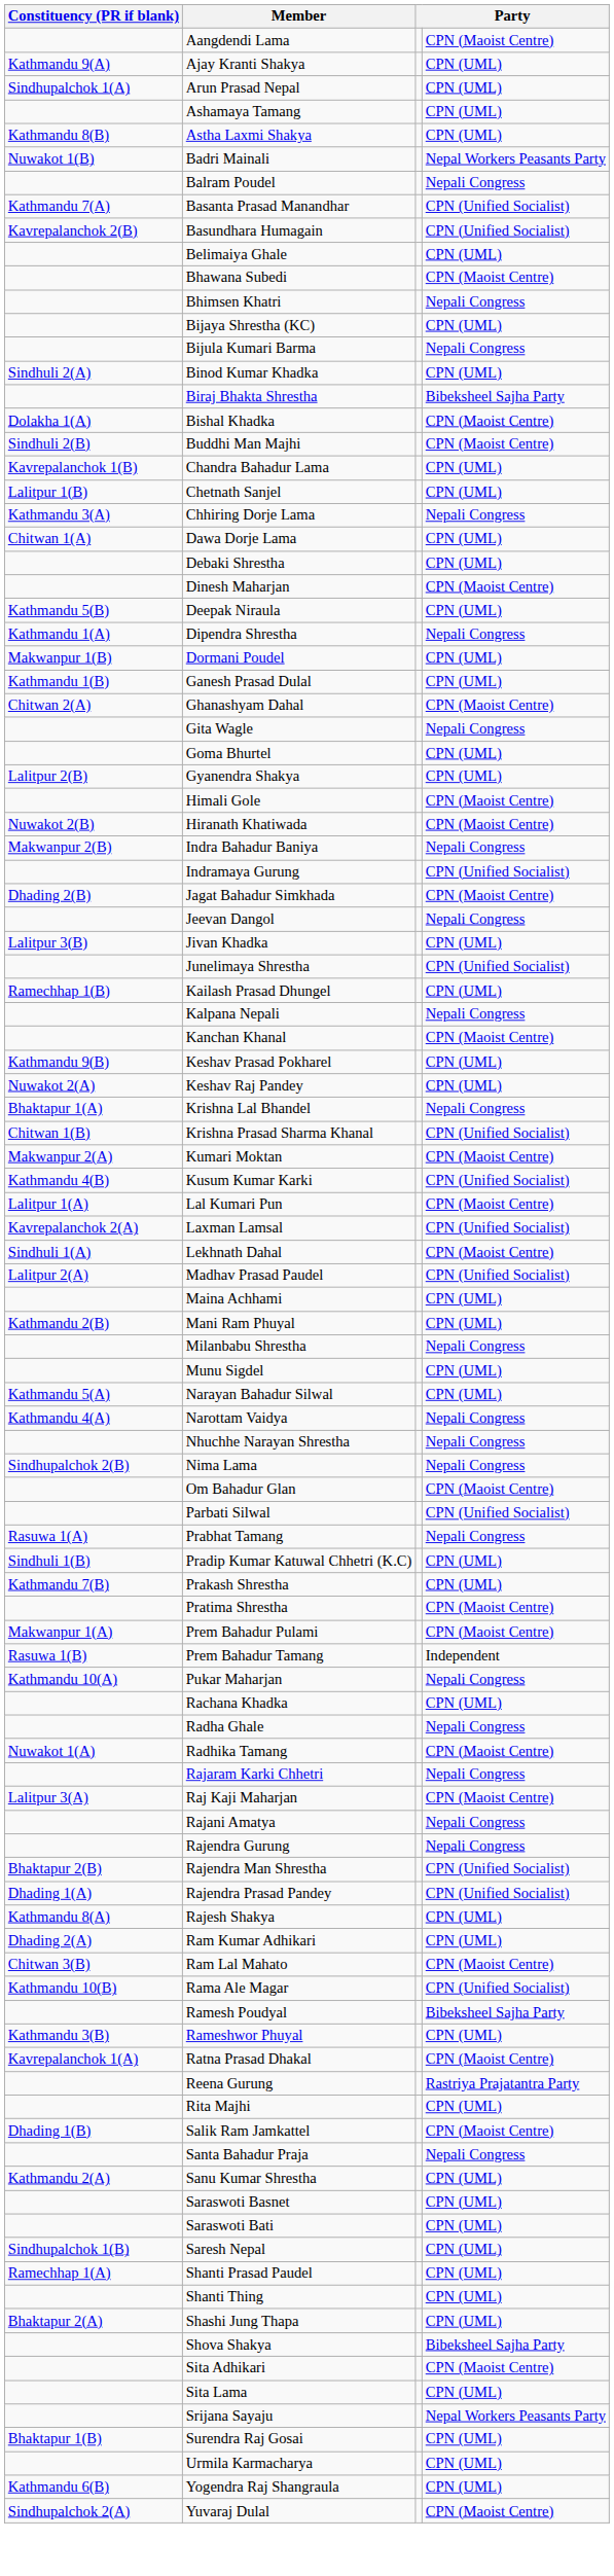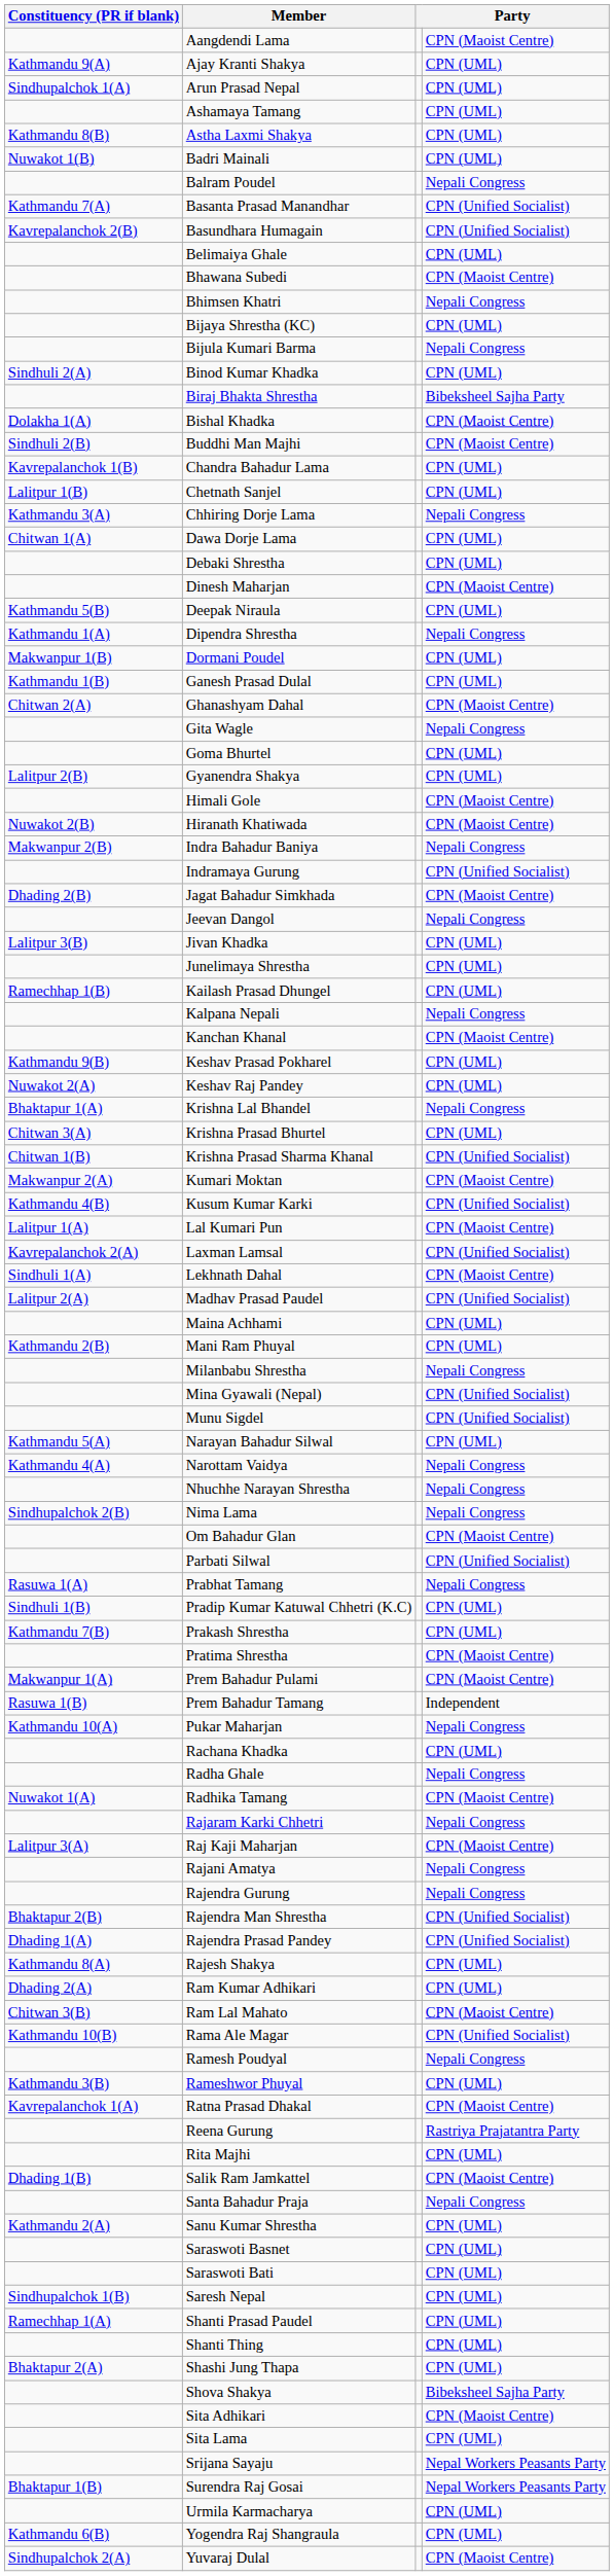 <table class="wikitable sortable">
 <tr>
 <th><a href='#'>Constituency (PR if blank)</a></th>
 <th>Member</th>
 <th colspan="2">Party</th>
 </tr>
 <tr>
 <td></td>
 <td>Aangdendi Lama</td>
 <td></td>
 <td><a href='#'>CPN (Maoist Centre)</a></td>
 </tr>
 <tr>
 <td><a href='#'>Kathmandu 9(A)</a></td>
 <td>Ajay Kranti Shakya</td>
 <td></td>
 <td><a href='#'>CPN (UML)</a></td>
 </tr>
 <tr>
 <td><a href='#'>Sindhupalchok 1(A)</a></td>
 <td>Arun Prasad Nepal</td>
 <td></td>
 <td><a href='#'>CPN (UML)</a></td>
 </tr>
 <tr>
 <td></td>
 <td>Ashamaya Tamang</td>
 <td></td>
 <td><a href='#'>CPN (UML)</a></td>
 </tr>
 <tr>
 <td><a href='#'>Kathmandu 8(B)</a></td>
 <td><a href='#'>Astha Laxmi Shakya</a></td>
 <td></td>
 <td><a href='#'>CPN (UML)</a></td>
 </tr>
 <tr>
 <td><a href='#'>Nuwakot 1(B)</a></td>
 <td>Badri Mainali</td>
 <td></td>
-<td><a href='#'>Nepal Workers Peasants Party</a></td>
+<td><a href='#'>CPN (UML)</a></td>
 </tr>
 <tr>
 <td></td>
 <td>Balram Poudel</td>
 <td></td>
 <td><a href='#'>Nepali Congress</a></td>
 </tr>
 <tr>
 <td><a href='#'>Kathmandu 7(A)</a></td>
 <td>Basanta Prasad Manandhar</td>
 <td></td>
 <td><a href='#'>CPN (Unified Socialist)</a></td>
 </tr>
 <tr>
 <td><a href='#'>Kavrepalanchok 2(B)</a></td>
 <td>Basundhara Humagain</td>
 <td></td>
 <td><a href='#'>CPN (Unified Socialist)</a></td>
 </tr>
 <tr>
 <td></td>
 <td>Belimaiya Ghale</td>
 <td></td>
 <td><a href='#'>CPN (UML)</a></td>
 </tr>
 <tr>
 <td></td>
 <td>Bhawana Subedi</td>
 <td></td>
 <td><a href='#'>CPN (Maoist Centre)</a></td>
 </tr>
 <tr>
 <td></td>
 <td>Bhimsen Khatri</td>
 <td></td>
 <td><a href='#'>Nepali Congress</a></td>
 </tr>
 <tr>
 <td></td>
 <td>Bijaya Shrestha (KC)</td>
 <td></td>
 <td><a href='#'>CPN (UML)</a></td>
 </tr>
 <tr>
 <td></td>
 <td>Bijula Kumari Barma</td>
 <td></td>
 <td><a href='#'>Nepali Congress</a></td>
 </tr>
 <tr>
 <td><a href='#'>Sindhuli 2(A)</a></td>
 <td>Binod Kumar Khadka</td>
 <td></td>
 <td><a href='#'>CPN (UML)</a></td>
 </tr>
 <tr>
 <td></td>
 <td><a href='#'>Biraj Bhakta Shrestha</a></td>
 <td></td>
 <td><a href='#'>Bibeksheel Sajha Party</a></td>
 </tr>
 <tr>
 <td><a href='#'>Dolakha 1(A)</a></td>
 <td>Bishal Khadka</td>
 <td></td>
 <td><a href='#'>CPN (Maoist Centre)</a></td>
 </tr>
 <tr>
 <td><a href='#'>Sindhuli 2(B)</a></td>
 <td>Buddhi Man Majhi</td>
 <td></td>
 <td><a href='#'>CPN (Maoist Centre)</a></td>
 </tr>
 <tr>
 <td><a href='#'>Kavrepalanchok 1(B)</a></td>
 <td>Chandra Bahadur Lama</td>
 <td></td>
 <td><a href='#'>CPN (UML)</a></td>
 </tr>
 <tr>
 <td><a href='#'>Lalitpur 1(B)</a></td>
 <td>Chetnath Sanjel</td>
 <td></td>
 <td><a href='#'>CPN (UML)</a></td>
 </tr>
 <tr>
 <td><a href='#'>Kathmandu 3(A)</a></td>
 <td>Chhiring Dorje Lama</td>
 <td></td>
 <td><a href='#'>Nepali Congress</a></td>
 </tr>
 <tr>
 <td><a href='#'>Chitwan 1(A)</a></td>
 <td>Dawa Dorje Lama</td>
 <td></td>
 <td><a href='#'>CPN (UML)</a></td>
 </tr>
 <tr>
 <td></td>
 <td>Debaki Shrestha</td>
 <td></td>
 <td><a href='#'>CPN (UML)</a></td>
 </tr>
 <tr>
 <td></td>
 <td>Dinesh Maharjan</td>
 <td></td>
 <td><a href='#'>CPN (Maoist Centre)</a></td>
 </tr>
 <tr>
 <td><a href='#'>Kathmandu 5(B)</a></td>
 <td>Deepak Niraula</td>
 <td></td>
 <td><a href='#'>CPN (UML)</a></td>
 </tr>
 <tr>
 <td><a href='#'>Kathmandu 1(A)</a></td>
 <td>Dipendra Shrestha</td>
 <td></td>
 <td><a href='#'>Nepali Congress</a></td>
 </tr>
 <tr>
 <td><a href='#'>Makwanpur 1(B)</a></td>
 <td><a href='#'>Dormani Poudel</a></td>
 <td></td>
 <td><a href='#'>CPN (UML)</a></td>
 </tr>
 <tr>
 <td><a href='#'>Kathmandu 1(B)</a></td>
 <td>Ganesh Prasad Dulal</td>
 <td></td>
 <td><a href='#'>CPN (UML)</a></td>
 </tr>
 <tr>
 <td><a href='#'>Chitwan 2(A)</a></td>
 <td>Ghanashyam Dahal</td>
 <td></td>
 <td><a href='#'>CPN (Maoist Centre)</a></td>
 </tr>
 <tr>
 <td></td>
 <td>Gita Wagle</td>
 <td></td>
 <td><a href='#'>Nepali Congress</a></td>
 </tr>
 <tr>
 <td></td>
 <td>Goma Bhurtel</td>
 <td></td>
 <td><a href='#'>CPN (UML)</a></td>
 </tr>
 <tr>
 <td><a href='#'>Lalitpur 2(B)</a></td>
 <td>Gyanendra Shakya</td>
 <td></td>
 <td><a href='#'>CPN (UML)</a></td>
 </tr>
 <tr>
 <td></td>
 <td>Himali Gole</td>
 <td></td>
 <td><a href='#'>CPN (Maoist Centre)</a></td>
 </tr>
 <tr>
 <td><a href='#'>Nuwakot 2(B)</a></td>
 <td>Hiranath Khatiwada</td>
 <td></td>
 <td><a href='#'>CPN (Maoist Centre)</a></td>
 </tr>
 <tr>
 <td><a href='#'>Makwanpur 2(B)</a></td>
 <td>Indra Bahadur Baniya</td>
 <td></td>
 <td><a href='#'>Nepali Congress</a></td>
 </tr>
 <tr>
 <td></td>
 <td>Indramaya Gurung</td>
 <td></td>
 <td><a href='#'>CPN (Unified Socialist)</a></td>
 </tr>
 <tr>
 <td><a href='#'>Dhading 2(B)</a></td>
 <td>Jagat Bahadur Simkhada</td>
 <td></td>
 <td><a href='#'>CPN (Maoist Centre)</a></td>
 </tr>
 <tr>
 <td></td>
 <td>Jeevan Dangol</td>
 <td></td>
 <td><a href='#'>Nepali Congress</a></td>
 </tr>
 <tr>
 <td><a href='#'>Lalitpur 3(B)</a></td>
 <td>Jivan Khadka</td>
 <td></td>
 <td><a href='#'>CPN (UML)</a></td>
 </tr>
 <tr>
 <td></td>
 <td>Junelimaya Shrestha</td>
 <td></td>
-<td><a href='#'>CPN (Unified Socialist)</a></td>
+<td><a href='#'>CPN (UML)</a></td>
 </tr>
 <tr>
 <td><a href='#'>Ramechhap 1(B)</a></td>
 <td>Kailash Prasad Dhungel</td>
 <td></td>
 <td><a href='#'>CPN (UML)</a></td>
 </tr>
 <tr>
 <td></td>
 <td>Kalpana Nepali</td>
 <td></td>
 <td><a href='#'>Nepali Congress</a></td>
 </tr>
 <tr>
 <td></td>
 <td>Kanchan Khanal</td>
 <td></td>
 <td><a href='#'>CPN (Maoist Centre)</a></td>
 </tr>
 <tr>
 <td><a href='#'>Kathmandu 9(B)</a></td>
 <td>Keshav Prasad Pokharel</td>
 <td></td>
 <td><a href='#'>CPN (UML)</a></td>
 </tr>
 <tr>
 <td><a href='#'>Nuwakot 2(A)</a></td>
 <td>Keshav Raj Pandey</td>
 <td></td>
 <td><a href='#'>CPN (UML)</a></td>
 </tr>
 <tr>
 <td><a href='#'>Bhaktapur 1(A)</a></td>
 <td>Krishna Lal Bhandel</td>
 <td></td>
 <td><a href='#'>Nepali Congress</a></td>
+</tr>
+<tr>
+<td><a href='#'>Chitwan 3(A)</a></td>
+<td>Krishna Prasad Bhurtel</td>
+<td></td>
+<td><a href='#'>CPN (UML)</a></td>
 </tr>
 <tr>
 <td><a href='#'>Chitwan 1(B)</a></td>
 <td>Krishna Prasad Sharma Khanal</td>
 <td></td>
 <td><a href='#'>CPN (Unified Socialist)</a></td>
 </tr>
 <tr>
 <td><a href='#'>Makwanpur 2(A)</a></td>
 <td>Kumari Moktan</td>
 <td></td>
 <td><a href='#'>CPN (Maoist Centre)</a></td>
 </tr>
 <tr>
 <td><a href='#'>Kathmandu 4(B)</a></td>
 <td>Kusum Kumar Karki</td>
 <td></td>
 <td><a href='#'>CPN (Unified Socialist)</a></td>
 </tr>
 <tr>
 <td><a href='#'>Lalitpur 1(A)</a></td>
 <td>Lal Kumari Pun</td>
 <td></td>
 <td><a href='#'>CPN (Maoist Centre)</a></td>
 </tr>
 <tr>
 <td><a href='#'>Kavrepalanchok 2(A)</a></td>
 <td>Laxman Lamsal</td>
 <td></td>
 <td><a href='#'>CPN (Unified Socialist)</a></td>
 </tr>
 <tr>
 <td><a href='#'>Sindhuli 1(A)</a></td>
 <td>Lekhnath Dahal</td>
 <td></td>
 <td><a href='#'>CPN (Maoist Centre)</a></td>
 </tr>
 <tr>
 <td><a href='#'>Lalitpur 2(A)</a></td>
 <td>Madhav Prasad Paudel</td>
 <td></td>
 <td><a href='#'>CPN (Unified Socialist)</a></td>
 </tr>
 <tr>
 <td></td>
 <td>Maina Achhami</td>
 <td></td>
 <td><a href='#'>CPN (UML)</a></td>
 </tr>
 <tr>
 <td><a href='#'>Kathmandu 2(B)</a></td>
 <td>Mani Ram Phuyal</td>
 <td></td>
 <td><a href='#'>CPN (UML)</a></td>
 </tr>
 <tr>
 <td></td>
 <td>Milanbabu Shrestha</td>
 <td></td>
 <td><a href='#'>Nepali Congress</a></td>
 </tr>
 <tr>
 <td></td>
+<td>Mina Gyawali (Nepal)</td>
+<td></td>
+<td><a href='#'>CPN (Unified Socialist)</a></td>
+</tr>
+<tr>
+<td></td>
 <td>Munu Sigdel</td>
 <td></td>
-<td><a href='#'>CPN (UML)</a></td>
+<td><a href='#'>CPN (Unified Socialist)</a></td>
 </tr>
 <tr>
 <td><a href='#'>Kathmandu 5(A)</a></td>
 <td>Narayan Bahadur Silwal</td>
 <td></td>
 <td><a href='#'>CPN (UML)</a></td>
 </tr>
 <tr>
 <td><a href='#'>Kathmandu 4(A)</a></td>
 <td>Narottam Vaidya</td>
 <td></td>
 <td><a href='#'>Nepali Congress</a></td>
 </tr>
 <tr>
 <td></td>
 <td>Nhuchhe Narayan Shrestha</td>
 <td></td>
 <td><a href='#'>Nepali Congress</a></td>
 </tr>
 <tr>
 <td><a href='#'>Sindhupalchok 2(B)</a></td>
 <td>Nima Lama</td>
 <td></td>
 <td><a href='#'>Nepali Congress</a></td>
 </tr>
 <tr>
 <td></td>
 <td>Om Bahadur Glan</td>
 <td></td>
 <td><a href='#'>CPN (Maoist Centre)</a></td>
 </tr>
 <tr>
 <td></td>
 <td>Parbati Silwal</td>
 <td></td>
 <td><a href='#'>CPN (Unified Socialist)</a></td>
 </tr>
 <tr>
 <td><a href='#'>Rasuwa 1(A)</a></td>
 <td>Prabhat Tamang</td>
 <td></td>
 <td><a href='#'>Nepali Congress</a></td>
 </tr>
 <tr>
 <td><a href='#'>Sindhuli 1(B)</a></td>
 <td>Pradip Kumar Katuwal Chhetri (K.C)</td>
 <td></td>
 <td><a href='#'>CPN (UML)</a></td>
 </tr>
 <tr>
 <td><a href='#'>Kathmandu 7(B)</a></td>
 <td>Prakash Shrestha</td>
 <td></td>
 <td><a href='#'>CPN (UML)</a></td>
 </tr>
 <tr>
 <td></td>
 <td>Pratima Shrestha</td>
 <td></td>
 <td><a href='#'>CPN (Maoist Centre)</a></td>
 </tr>
 <tr>
 <td><a href='#'>Makwanpur 1(A)</a></td>
 <td>Prem Bahadur Pulami</td>
 <td></td>
 <td><a href='#'>CPN (Maoist Centre)</a></td>
 </tr>
 <tr>
 <td><a href='#'>Rasuwa 1(B)</a></td>
 <td>Prem Bahadur Tamang</td>
 <td></td>
 <td>Independent</td>
 </tr>
 <tr>
 <td><a href='#'>Kathmandu 10(A)</a></td>
 <td>Pukar Maharjan</td>
 <td></td>
 <td><a href='#'>Nepali Congress</a></td>
 </tr>
 <tr>
 <td></td>
 <td>Rachana Khadka</td>
 <td></td>
 <td><a href='#'>CPN (UML)</a></td>
 </tr>
 <tr>
 <td></td>
 <td>Radha Ghale</td>
 <td></td>
 <td><a href='#'>Nepali Congress</a></td>
 </tr>
 <tr>
 <td><a href='#'>Nuwakot 1(A)</a></td>
 <td>Radhika Tamang</td>
 <td></td>
 <td><a href='#'>CPN (Maoist Centre)</a></td>
 </tr>
 <tr>
 <td></td>
 <td><a href='#'>Rajaram Karki Chhetri</a></td>
 <td></td>
 <td><a href='#'>Nepali Congress</a></td>
 </tr>
 <tr>
 <td><a href='#'>Lalitpur 3(A)</a></td>
 <td>Raj Kaji Maharjan</td>
 <td></td>
 <td><a href='#'>CPN (Maoist Centre)</a></td>
 </tr>
 <tr>
 <td></td>
 <td>Rajani Amatya</td>
 <td></td>
 <td><a href='#'>Nepali Congress</a></td>
 </tr>
 <tr>
 <td></td>
 <td>Rajendra Gurung</td>
 <td></td>
 <td><a href='#'>Nepali Congress</a></td>
 </tr>
 <tr>
 <td><a href='#'>Bhaktapur 2(B)</a></td>
 <td>Rajendra Man Shrestha</td>
 <td></td>
 <td><a href='#'>CPN (Unified Socialist)</a></td>
 </tr>
 <tr>
 <td><a href='#'>Dhading 1(A)</a></td>
 <td>Rajendra Prasad Pandey</td>
 <td></td>
 <td><a href='#'>CPN (Unified Socialist)</a></td>
 </tr>
 <tr>
 <td><a href='#'>Kathmandu 8(A)</a></td>
 <td>Rajesh Shakya</td>
 <td></td>
 <td><a href='#'>CPN (UML)</a></td>
 </tr>
 <tr>
 <td><a href='#'>Dhading 2(A)</a></td>
 <td>Ram Kumar Adhikari</td>
 <td></td>
 <td><a href='#'>CPN (UML)</a></td>
 </tr>
 <tr>
 <td><a href='#'>Chitwan 3(B)</a></td>
 <td>Ram Lal Mahato</td>
 <td></td>
 <td><a href='#'>CPN (Maoist Centre)</a></td>
 </tr>
 <tr>
 <td><a href='#'>Kathmandu 10(B)</a></td>
 <td>Rama Ale Magar</td>
 <td></td>
 <td><a href='#'>CPN (Unified Socialist)</a></td>
 </tr>
 <tr>
 <td></td>
 <td>Ramesh Poudyal</td>
 <td></td>
-<td><a href='#'>Bibeksheel Sajha Party</a></td>
+<td><a href='#'>Nepali Congress</a></td>
 </tr>
 <tr>
 <td><a href='#'>Kathmandu 3(B)</a></td>
 <td><a href='#'>Rameshwor Phuyal</a></td>
 <td></td>
 <td><a href='#'>CPN (UML)</a></td>
 </tr>
 <tr>
 <td><a href='#'>Kavrepalanchok 1(A)</a></td>
 <td>Ratna Prasad Dhakal</td>
 <td></td>
 <td><a href='#'>CPN (Maoist Centre)</a></td>
 </tr>
 <tr>
 <td></td>
 <td>Reena Gurung</td>
 <td></td>
 <td><a href='#'>Rastriya Prajatantra Party</a></td>
 </tr>
 <tr>
 <td></td>
 <td>Rita Majhi</td>
 <td></td>
 <td><a href='#'>CPN (UML)</a></td>
 </tr>
 <tr>
 <td><a href='#'>Dhading 1(B)</a></td>
 <td>Salik Ram Jamkattel</td>
 <td></td>
 <td><a href='#'>CPN (Maoist Centre)</a></td>
 </tr>
 <tr>
 <td></td>
 <td>Santa Bahadur Praja</td>
 <td></td>
 <td><a href='#'>Nepali Congress</a></td>
 </tr>
 <tr>
 <td><a href='#'>Kathmandu 2(A)</a></td>
 <td>Sanu Kumar Shrestha</td>
 <td></td>
 <td><a href='#'>CPN (UML)</a></td>
 </tr>
 <tr>
 <td></td>
 <td>Saraswoti Basnet</td>
 <td></td>
 <td><a href='#'>CPN (UML)</a></td>
 </tr>
 <tr>
 <td></td>
 <td>Saraswoti Bati</td>
 <td></td>
 <td><a href='#'>CPN (UML)</a></td>
 </tr>
 <tr>
 <td><a href='#'>Sindhupalchok 1(B)</a></td>
 <td>Saresh Nepal</td>
 <td></td>
 <td><a href='#'>CPN (UML)</a></td>
 </tr>
 <tr>
 <td><a href='#'>Ramechhap 1(A)</a></td>
 <td>Shanti Prasad Paudel</td>
 <td></td>
 <td><a href='#'>CPN (UML)</a></td>
 </tr>
 <tr>
 <td></td>
 <td>Shanti Thing</td>
 <td></td>
 <td><a href='#'>CPN (UML)</a></td>
 </tr>
 <tr>
 <td><a href='#'>Bhaktapur 2(A)</a></td>
 <td>Shashi Jung Thapa</td>
 <td></td>
 <td><a href='#'>CPN (UML)</a></td>
 </tr>
 <tr>
 <td></td>
 <td>Shova Shakya</td>
 <td></td>
 <td><a href='#'>Bibeksheel Sajha Party</a></td>
 </tr>
 <tr>
 <td></td>
 <td>Sita Adhikari</td>
 <td></td>
 <td><a href='#'>CPN (Maoist Centre)</a></td>
 </tr>
 <tr>
 <td></td>
 <td>Sita Lama</td>
 <td></td>
 <td><a href='#'>CPN (UML)</a></td>
 </tr>
 <tr>
 <td></td>
 <td>Srijana Sayaju</td>
 <td></td>
 <td><a href='#'>Nepal Workers Peasants Party</a></td>
 </tr>
 <tr>
 <td><a href='#'>Bhaktapur 1(B)</a></td>
 <td>Surendra Raj Gosai</td>
 <td></td>
-<td><a href='#'>CPN (UML)</a></td>
+<td><a href='#'>Nepal Workers Peasants Party</a></td>
 </tr>
 <tr>
 <td></td>
 <td>Urmila Karmacharya</td>
 <td></td>
 <td><a href='#'>CPN (UML)</a></td>
 </tr>
 <tr>
 <td><a href='#'>Kathmandu 6(B)</a></td>
 <td>Yogendra Raj Shangraula</td>
 <td></td>
 <td><a href='#'>CPN (UML)</a></td>
 </tr>
 <tr>
 <td><a href='#'>Sindhupalchok 2(A)</a></td>
 <td>Yuvaraj Dulal</td>
 <td></td>
 <td><a href='#'>CPN (Maoist Centre)</a></td>
 </tr>
 </table>
